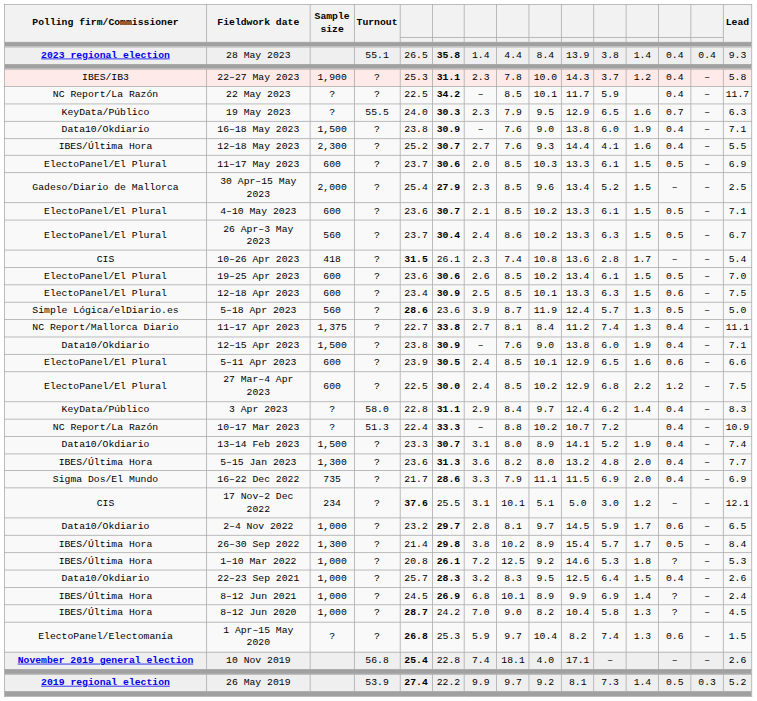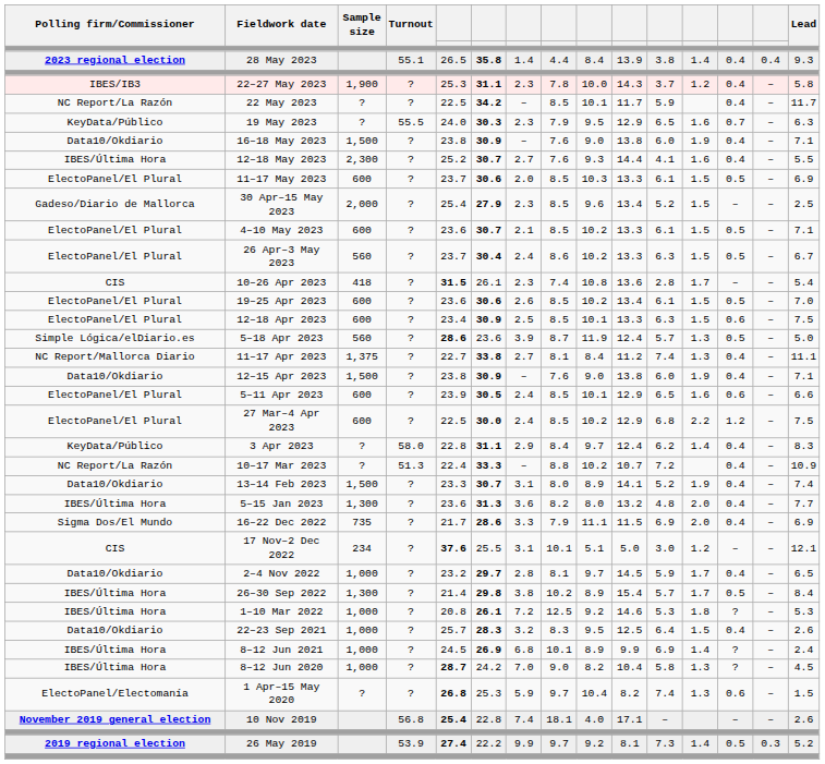 <table class="wikitable collapsible collapsed" style="text-align:center; font-size:95%; line-height:16px;">
 <tr style="height:42px;">
 <th style="width:250px;" rowspan="2">Polling firm/Commissioner</th>
 <th style="width:125px;" rowspan="2">Fieldwork date</th>
 <th style="width:50px;" rowspan="2">Sample size</th>
 <th style="width:45px;" rowspan="2">Turnout</th>
 <th style="width:35px;"></th>
 <th style="width:35px;"></th>
 <th style="width:35px;"></th>
 <th style="width:35px;"></th>
 <th style="width:35px;"></th>
 <th style="width:35px;"></th>
 <th style="width:35px;"></th>
 <th style="width:35px;"></th>
 <th style="width:35px;"></th>
 <th style="width:35px;"></th>
 <th style="width:30px;" rowspan="2">Lead</th>
 </tr>
 <tr>
 <th style="color:inherit;background:"></th>
 <th style="color:inherit;background:"></th>
 <th style="color:inherit;background:"></th>
 <th style="color:inherit;background:"></th>
 <th style="color:inherit;background:"></th>
 <th style="color:inherit;background:"></th>
 <th style="color:inherit;background:"></th>
 <th style="color:inherit;background:"></th>
 <th style="color:inherit;background:"></th>
 <th style="color:inherit;background:"></th>
 </tr>
 <tr>
 <td colspan="15" style="background:#A0A0A0"></td>
 </tr>
 <tr style="background:#EFEFEF;">
 <td><strong><a href='#'>2023 regional election</a></strong></td>
 <td>28 May 2023</td>
 <td></td>
 <td>55.1</td>
 <td>26.5<br></td>
 <td><strong>35.8</strong><br></td>
 <td>1.4<br></td>
 <td>4.4<br></td>
 <td>8.4<br></td>
 <td>13.9<br></td>
 <td>3.8<br></td>
 <td>1.4<br></td>
 <td>0.4<br></td>
 <td>0.4<br></td>
 <td style="background:">9.3</td>
 </tr>
 <tr>
 <td colspan="15" style="background:#A0A0A0"></td>
 </tr>
 <tr style="background:#FFEAEA;">
 <td>IBES/IB3</td>
 <td>22–27 May 2023</td>
 <td>1,900</td>
 <td>?</td>
 <td>25.3<br></td>
 <td><strong>31.1</strong><br></td>
 <td>2.3<br></td>
 <td>7.8<br></td>
 <td>10.0<br></td>
 <td>14.3<br></td>
 <td>3.7<br></td>
 <td>1.2<br></td>
 <td>0.4<br></td>
 <td>–</td>
 <td style="background:">5.8</td>
 </tr>
 <tr>
 <td>NC Report/La Razón</td>
 <td>22 May 2023</td>
 <td>?</td>
 <td>?</td>
 <td>22.5<br></td>
 <td><strong>34.2</strong><br></td>
 <td>–</td>
 <td>8.5<br></td>
 <td>10.1<br></td>
 <td>11.7<br></td>
 <td>5.9<br></td>
 <td></td>
 <td>0.4<br></td>
 <td>–</td>
 <td style="background:">11.7</td>
 </tr>
 <tr>
 <td>KeyData/Público</td>
 <td>19 May 2023</td>
 <td>?</td>
 <td>55.5</td>
 <td>24.0<br></td>
 <td><strong>30.3</strong><br></td>
 <td>2.3<br></td>
 <td>7.9<br></td>
 <td>9.5<br></td>
 <td>12.9<br></td>
 <td>6.5<br></td>
 <td>1.6<br></td>
 <td>0.7<br></td>
 <td>–</td>
 <td style="background:">6.3</td>
 </tr>
 <tr>
 <td>Data10/Okdiario</td>
 <td>16–18 May 2023</td>
 <td>1,500</td>
 <td>?</td>
 <td>23.8<br></td>
 <td><strong>30.9</strong><br></td>
 <td>–</td>
 <td>7.6<br></td>
 <td>9.0<br></td>
 <td>13.8<br></td>
 <td>6.0<br></td>
 <td>1.9<br></td>
 <td>0.4<br></td>
 <td>–</td>
 <td style="background:">7.1</td>
 </tr>
 <tr>
 <td>IBES/Última Hora</td>
 <td>12–18 May 2023</td>
 <td>2,300</td>
 <td>?</td>
 <td>25.2<br></td>
 <td><strong>30.7</strong><br></td>
 <td>2.7<br></td>
 <td>7.6<br></td>
 <td>9.3<br></td>
 <td>14.4<br></td>
 <td>4.1<br></td>
 <td>1.6<br></td>
 <td>0.4<br></td>
 <td>–</td>
 <td style="background:">5.5</td>
 </tr>
 <tr>
 <td>ElectoPanel/El Plural</td>
 <td>11–17 May 2023</td>
 <td>600</td>
 <td>?</td>
 <td>23.7<br></td>
 <td><strong>30.6</strong><br></td>
 <td>2.0<br></td>
 <td>8.5<br></td>
 <td>10.3<br></td>
 <td>13.3<br></td>
 <td>6.1<br></td>
 <td>1.5<br></td>
 <td>0.5<br></td>
 <td>–</td>
 <td style="background:">6.9</td>
 </tr>
 <tr>
 <td>Gadeso/Diario de Mallorca</td>
 <td>30 Apr–15 May 2023</td>
 <td>2,000</td>
 <td>?</td>
 <td>25.4<br></td>
 <td><strong>27.9</strong><br></td>
 <td>2.3<br></td>
 <td>8.5<br></td>
 <td>9.6<br></td>
 <td>13.4<br></td>
 <td>5.2<br></td>
 <td>1.5<br></td>
 <td>–</td>
 <td>–</td>
 <td style="background:">2.5</td>
 </tr>
 <tr>
 <td>ElectoPanel/El Plural</td>
 <td>4–10 May 2023</td>
 <td>600</td>
 <td>?</td>
 <td>23.6<br></td>
 <td><strong>30.7</strong><br></td>
 <td>2.1<br></td>
 <td>8.5<br></td>
 <td>10.2<br></td>
 <td>13.3<br></td>
 <td>6.1<br></td>
 <td>1.5<br></td>
 <td>0.5<br></td>
 <td>–</td>
 <td style="background:">7.1</td>
 </tr>
 <tr>
 <td>ElectoPanel/El Plural</td>
 <td>26 Apr–3 May 2023</td>
 <td>560</td>
 <td>?</td>
 <td>23.7<br></td>
 <td><strong>30.4</strong><br></td>
 <td>2.4<br></td>
 <td>8.6<br></td>
 <td>10.2<br></td>
 <td>13.3<br></td>
 <td>6.3<br></td>
 <td>1.5<br></td>
 <td>0.5<br></td>
 <td>–</td>
 <td style="background:">6.7</td>
 </tr>
 <tr>
 <td>CIS</td>
 <td>10–26 Apr 2023</td>
 <td>418</td>
 <td>?</td>
 <td><strong>31.5</strong></td>
 <td>26.1</td>
 <td>2.3</td>
 <td>7.4</td>
 <td>10.8</td>
 <td>13.6</td>
 <td>2.8</td>
 <td>1.7</td>
 <td>–</td>
 <td>–</td>
 <td style="background:">5.4</td>
 </tr>
 <tr>
 <td>ElectoPanel/El Plural</td>
 <td>19–25 Apr 2023</td>
 <td>600</td>
 <td>?</td>
 <td>23.6<br></td>
 <td><strong>30.6</strong><br></td>
 <td>2.6<br></td>
 <td>8.5<br></td>
 <td>10.2<br></td>
 <td>13.4<br></td>
 <td>6.1<br></td>
 <td>1.5<br></td>
 <td>0.5<br></td>
 <td>–</td>
 <td style="background:">7.0</td>
 </tr>
 <tr>
 <td>ElectoPanel/El Plural</td>
 <td>12–18 Apr 2023</td>
 <td>600</td>
 <td>?</td>
 <td>23.4<br></td>
 <td><strong>30.9</strong><br></td>
 <td>2.5<br></td>
 <td>8.5<br></td>
 <td>10.1<br></td>
 <td>13.3<br></td>
 <td>6.3<br></td>
 <td>1.5<br></td>
 <td>0.6<br></td>
 <td>–</td>
 <td style="background:">7.5</td>
 </tr>
 <tr>
 <td>Simple Lógica/elDiario.es</td>
 <td>5–18 Apr 2023</td>
 <td>560</td>
 <td>?</td>
 <td><strong>28.6</strong><br></td>
 <td>23.6<br></td>
 <td>3.9<br></td>
 <td>8.7<br></td>
 <td>11.9<br></td>
 <td>12.4<br></td>
 <td>5.7<br></td>
 <td>1.3<br></td>
 <td>0.5<br></td>
 <td>–</td>
 <td style="background:">5.0</td>
 </tr>
 <tr>
 <td>NC Report/Mallorca Diario</td>
 <td>11–17 Apr 2023</td>
 <td>1,375</td>
 <td>?</td>
 <td>22.7<br></td>
 <td><strong>33.8</strong><br></td>
 <td>2.7<br></td>
 <td>8.1<br></td>
 <td>8.4<br></td>
 <td>11.2<br></td>
 <td>7.4<br></td>
 <td>1.3<br></td>
 <td>0.4<br></td>
 <td>–</td>
 <td style="background:">11.1</td>
 </tr>
 <tr>
 <td>Data10/Okdiario</td>
 <td>12–15 Apr 2023</td>
 <td>1,500</td>
 <td>?</td>
 <td>23.8<br></td>
 <td><strong>30.9</strong><br></td>
 <td>–</td>
 <td>7.6<br></td>
 <td>9.0<br></td>
 <td>13.8<br></td>
 <td>6.0<br></td>
 <td>1.9<br></td>
 <td>0.4<br></td>
 <td>–</td>
 <td style="background:">7.1</td>
 </tr>
 <tr>
 <td>ElectoPanel/El Plural</td>
 <td>5–11 Apr 2023</td>
 <td>600</td>
 <td>?</td>
 <td>23.9<br></td>
 <td><strong>30.5</strong><br></td>
 <td>2.4<br></td>
 <td>8.5<br></td>
 <td>10.1<br></td>
 <td>12.9<br></td>
 <td>6.5<br></td>
 <td>1.6<br></td>
 <td>0.6<br></td>
 <td>–</td>
 <td style="background:">6.6</td>
 </tr>
 <tr>
 <td>ElectoPanel/El Plural</td>
 <td>27 Mar–4 Apr 2023</td>
 <td>600</td>
 <td>?</td>
 <td>22.5<br></td>
 <td><strong>30.0</strong><br></td>
 <td>2.4<br></td>
 <td>8.5<br></td>
 <td>10.2<br></td>
 <td>12.9<br></td>
 <td>6.8<br></td>
 <td>2.2<br></td>
 <td>1.2<br></td>
 <td>–</td>
 <td style="background:">7.5</td>
 </tr>
 <tr>
 <td>KeyData/Público</td>
 <td>3 Apr 2023</td>
 <td>?</td>
 <td>58.0</td>
 <td>22.8<br></td>
 <td><strong>31.1</strong><br></td>
 <td>2.9<br></td>
 <td>8.4<br></td>
 <td>9.7<br></td>
 <td>12.4<br></td>
 <td>6.2<br></td>
 <td>1.4<br></td>
 <td>0.4<br></td>
 <td>–</td>
 <td style="background:">8.3</td>
 </tr>
 <tr>
 <td>NC Report/La Razón</td>
 <td>10–17 Mar 2023</td>
 <td>?</td>
 <td>51.3</td>
 <td>22.4<br></td>
 <td><strong>33.3</strong><br></td>
 <td>–</td>
 <td>8.8<br></td>
 <td>10.2<br></td>
 <td>10.7<br></td>
 <td>7.2<br></td>
 <td></td>
 <td>0.4<br></td>
 <td>–</td>
 <td style="background:">10.9</td>
 </tr>
 <tr>
 <td>Data10/Okdiario</td>
 <td>13–14 Feb 2023</td>
 <td>1,500</td>
 <td>?</td>
 <td>23.3<br></td>
 <td><strong>30.7</strong><br></td>
 <td>3.1<br></td>
 <td>8.0<br></td>
 <td>8.9<br></td>
 <td>14.1<br></td>
 <td>5.2<br></td>
 <td>1.9<br></td>
 <td>0.4<br></td>
 <td>–</td>
 <td style="background:">7.4</td>
 </tr>
 <tr>
 <td>IBES/Última Hora</td>
 <td>5–15 Jan 2023</td>
 <td>1,300</td>
 <td>?</td>
 <td>23.6<br></td>
 <td><strong>31.3</strong><br></td>
 <td>3.6<br></td>
 <td>8.2<br></td>
 <td>8.0<br></td>
 <td>13.2<br></td>
 <td>4.8<br></td>
 <td>2.0<br></td>
 <td>0.4<br></td>
 <td>–</td>
 <td style="background:">7.7</td>
 </tr>
 <tr>
 <td>Sigma Dos/El Mundo</td>
 <td>16–22 Dec 2022</td>
 <td>735</td>
 <td>?</td>
 <td>21.7<br></td>
 <td><strong>28.6</strong><br></td>
 <td>3.3<br></td>
 <td>7.9<br></td>
 <td>11.1<br></td>
 <td>11.5<br></td>
 <td>6.9<br></td>
 <td>2.0<br></td>
 <td>0.4<br></td>
 <td>–</td>
 <td style="background:">6.9</td>
 </tr>
 <tr>
 <td>CIS</td>
 <td>17 Nov–2 Dec 2022</td>
 <td>234</td>
 <td>?</td>
 <td><strong>37.6</strong></td>
 <td>25.5</td>
 <td>3.1</td>
 <td>10.1</td>
 <td>5.1</td>
 <td>5.0</td>
 <td>3.0</td>
 <td>1.2</td>
 <td>–</td>
 <td>–</td>
 <td style="background:">12.1</td>
 </tr>
 <tr>
 <td>Data10/Okdiario</td>
 <td>2–4 Nov 2022</td>
 <td>1,000</td>
 <td>?</td>
 <td>23.2<br></td>
 <td><strong>29.7</strong><br></td>
 <td>2.8<br></td>
 <td>8.1<br></td>
 <td>9.7<br></td>
 <td>14.5<br></td>
 <td>5.9<br></td>
 <td>1.7<br></td>
-<td>0.6<br></td>
+<td>0.4<br></td>
 <td>–</td>
 <td style="background:">6.5</td>
 </tr>
 <tr>
 <td>IBES/Última Hora</td>
 <td>26–30 Sep 2022</td>
 <td>1,300</td>
 <td>?</td>
 <td>21.4<br></td>
 <td><strong>29.8</strong><br></td>
 <td>3.8<br></td>
 <td>10.2<br></td>
 <td>8.9<br></td>
 <td>15.4<br></td>
 <td>5.7<br></td>
 <td>1.7<br></td>
 <td>0.5<br></td>
 <td>–</td>
 <td style="background:">8.4</td>
 </tr>
 <tr>
 <td>IBES/Última Hora</td>
 <td>1–10 Mar 2022</td>
 <td>1,000</td>
 <td>?</td>
 <td>20.8<br></td>
 <td><strong>26.1</strong><br></td>
 <td>7.2<br></td>
 <td>12.5<br></td>
 <td>9.2<br></td>
 <td>14.6<br></td>
 <td>5.3<br></td>
 <td>1.8<br></td>
 <td>?<br></td>
 <td>–</td>
 <td style="background:">5.3</td>
 </tr>
 <tr>
 <td>Data10/Okdiario</td>
 <td>22–23 Sep 2021</td>
 <td>1,000</td>
 <td>?</td>
 <td>25.7<br></td>
 <td><strong>28.3</strong><br></td>
 <td>3.2<br></td>
 <td>8.3<br></td>
 <td>9.5<br></td>
 <td>12.5<br></td>
 <td>6.4<br></td>
 <td>1.5<br></td>
 <td>0.4<br></td>
 <td>–</td>
 <td style="background:">2.6</td>
 </tr>
 <tr>
 <td>IBES/Última Hora</td>
 <td>8–12 Jun 2021</td>
 <td>1,000</td>
 <td>?</td>
 <td>24.5<br></td>
 <td><strong>26.9</strong><br></td>
 <td>6.8<br></td>
 <td>10.1<br></td>
 <td>8.9<br></td>
 <td>9.9<br></td>
 <td>6.9<br></td>
 <td>1.4<br></td>
 <td>?<br></td>
 <td>–</td>
 <td style="background:">2.4</td>
 </tr>
 <tr>
 <td>IBES/Última Hora</td>
 <td>8–12 Jun 2020</td>
 <td>1,000</td>
 <td>?</td>
 <td><strong>28.7</strong><br></td>
 <td>24.2<br></td>
 <td>7.0<br></td>
 <td>9.0<br></td>
 <td>8.2<br></td>
 <td>10.4<br></td>
 <td>5.8<br></td>
 <td>1.3<br></td>
 <td>?<br></td>
 <td>–</td>
 <td style="background:">4.5</td>
 </tr>
 <tr>
 <td>ElectoPanel/Electomanía</td>
 <td>1 Apr–15 May 2020</td>
 <td>?</td>
 <td>?</td>
 <td><strong>26.8</strong><br></td>
 <td>25.3<br></td>
 <td>5.9<br></td>
 <td>9.7<br></td>
 <td>10.4<br></td>
 <td>8.2<br></td>
 <td>7.4<br></td>
 <td>1.3<br></td>
 <td>0.6<br></td>
 <td>–</td>
 <td style="background:">1.5</td>
 </tr>
 <tr style="background:#EFEFEF;">
 <td><strong><a href='#'>November 2019 general election</a></strong></td>
 <td>10 Nov 2019</td>
 <td></td>
 <td>56.8</td>
 <td><strong>25.4</strong><br></td>
 <td>22.8<br></td>
 <td>7.4<br></td>
 <td>18.1<br></td>
 <td>4.0<br></td>
 <td>17.1<br></td>
 <td>–</td>
 <td></td>
 <td>–</td>
 <td>–</td>
 <td style="background:">2.6</td>
 </tr>
 <tr>
 <td colspan="15" style="background:#A0A0A0"></td>
 </tr>
 <tr style="background:#EFEFEF;">
 <td><strong><a href='#'>2019 regional election</a></strong></td>
 <td>26 May 2019</td>
 <td></td>
 <td>53.9</td>
 <td><strong>27.4</strong><br></td>
 <td>22.2<br></td>
 <td>9.9<br></td>
 <td>9.7<br></td>
 <td>9.2<br></td>
 <td>8.1<br></td>
 <td>7.3<br></td>
 <td>1.4<br></td>
 <td>0.5<br></td>
 <td>0.3<br></td>
 <td style="background:">5.2</td>
 </tr>
 <tr>
 <td colspan="15" style="background:#A0A0A0"></td>
 </tr>
 </table>
